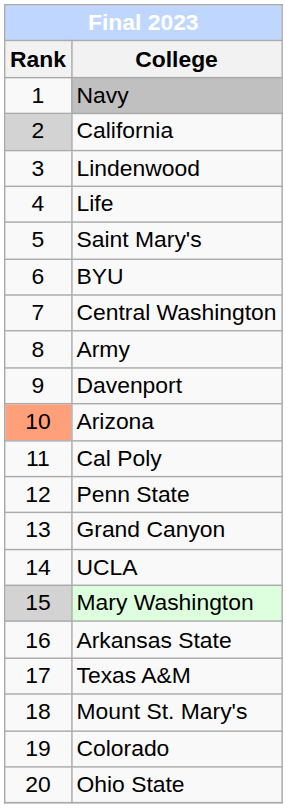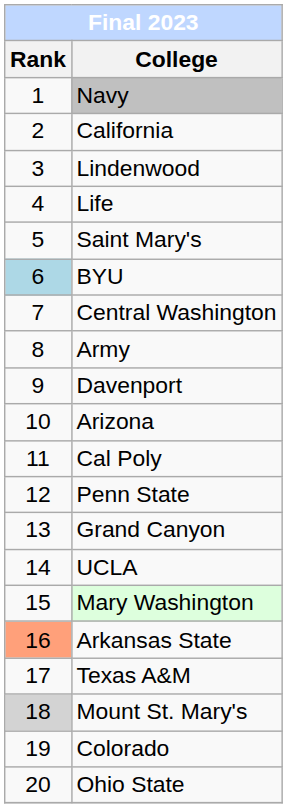 <table class="wikitable sortable collapsible collapsed">
 <tr>
 <th colspan=2 style="background:#BFD7FF; color:white;">Final 2023</th>
 </tr>
 <tr>
 <th>Rank</th>
 <th>College</th>
 </tr>
 <tr>
 <td align="center ">1</td>
 <td style="background:silver">Navy</td>
 </tr>
 <tr>
-<td align="center " style="background: lightgrey;">2</td>
+<td align="center ">2</td>
 <td>California</td>
 </tr>
 <tr>
 <td align="center ">3</td>
 <td>Lindenwood</td>
 </tr>
 <tr>
 <td align="center ">4</td>
 <td>Life</td>
 </tr>
 <tr>
 <td align="center ">5</td>
 <td>Saint Mary's</td>
 </tr>
 <tr>
-<td align="center ">6</td>
+<td align="center " style="background: lightblue;">6</td>
 <td>BYU</td>
 </tr>
 <tr>
 <td align="center ">7</td>
 <td>Central Washington</td>
 </tr>
 <tr>
 <td align="center ">8</td>
 <td>Army</td>
 </tr>
 <tr>
 <td align="center ">9</td>
 <td>Davenport</td>
 </tr>
 <tr>
-<td align="center " style="background: lightsalmon;">10</td>
+<td align="center ">10</td>
 <td>Arizona</td>
 </tr>
 <tr>
 <td align="center ">11</td>
 <td>Cal Poly</td>
 </tr>
 <tr>
 <td align="center ">12</td>
 <td>Penn State</td>
 </tr>
 <tr>
 <td align="center ">13</td>
 <td>Grand Canyon</td>
 </tr>
 <tr>
 <td align="center ">14</td>
 <td>UCLA</td>
 </tr>
 <tr>
-<td align="center " style="background: lightgrey;">15</td>
+<td align="center ">15</td>
 <td style="background:#dfd;">Mary Washington</td>
 </tr>
 <tr>
-<td align="center ">16</td>
+<td align="center " style="background: lightsalmon;">16</td>
 <td>Arkansas State</td>
 </tr>
 <tr>
 <td align="center ">17</td>
 <td>Texas A&M</td>
 </tr>
 <tr>
-<td align="center ">18</td>
+<td align="center " style="background: lightgrey;">18</td>
 <td>Mount St. Mary's</td>
 </tr>
 <tr>
 <td align="center ">19</td>
 <td>Colorado</td>
 </tr>
 <tr>
 <td align="center ">20</td>
 <td>Ohio State</td>
 </tr>
 <tr>
 </tr>
 </table>
